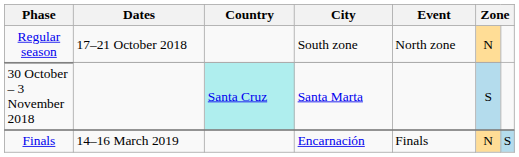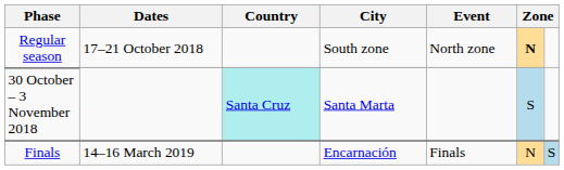 <table class="wikitable">
 <tr>
 <th width=80>Phase</th>
 <th width="220">Dates</th>
 <th width="130">Country</th>
 <th width="130">City</th>
 <th width="130">Event</th>
 <th colspan=2 width=50>Zone</th>
 </tr>
 <tr>
 <td style="border-bottom: 2px solid grey" rowspan=2 align=center><a href='#'>Regular<br>season</a></td>
 <td>17–21 October 2018</td>
 <td></td>
 <td>South zone</td>
 <td>North zone</td>
-<td bgcolor=#ffdd96 align=center width=25>N</td>
+<td bgcolor=#ffdd96 align=center width=25><strong>N</strong></td>
 <td></td>
 </tr>
 <tr>
 </tr>
 <tr style="border-bottom: 2px solid grey">
 <td>30 October – 3 November 2018</td>
 <td></td>
 <td style="background: paleturquoise;"><a href='#'>Santa Cruz</a></td>
 <td><a href='#'>Santa Marta</a></td>
 <td></td>
 <td bgcolor=#b4dced align=center width=25>S</td>
 </tr>
 <tr>
 <td align=center><a href='#'>Finals</a></td>
 <td>14–16 March 2019</td>
 <td></td>
 <td><a href='#'>Encarnación</a></td>
 <td>Finals</td>
 <td bgcolor=#ffdd96 align=center>N</td>
 <td bgcolor=#b4dced align=center>S</td>
 </tr>
 </table>
